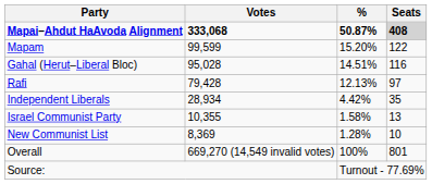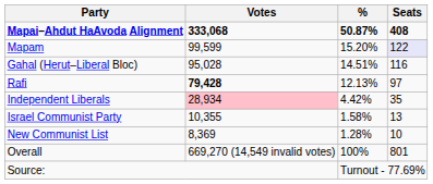 <table class="wikitable">
 <tr>
 <th>Party</th>
 <th>Votes</th>
 <th>%</th>
 <th>Seats</th>
 </tr>
 <tr>
 <td><strong><a href='#'>Mapai</a>–<a href='#'>Ahdut HaAvoda</a> <a href='#'>Alignment</a></strong></td>
 <td><strong>333,068</strong></td>
 <td><strong>50.87%</strong></td>
-<td style="background: lightgrey;"><strong>408</strong></td>
+<td><strong>408</strong></td>
 </tr>
 <tr>
 <td><a href='#'>Mapam</a></td>
 <td>99,599</td>
 <td>15.20%</td>
-<td>122</td>
+<td style="background: lavender;">122</td>
 </tr>
 <tr>
 <td><a href='#'>Gahal</a> (<a href='#'>Herut</a>–<a href='#'>Liberal</a> Bloc)</td>
 <td>95,028</td>
 <td>14.51%</td>
 <td>116</td>
 </tr>
 <tr>
 <td><a href='#'>Rafi</a></td>
-<td>79,428</td>
+<td><strong>79,428</strong></td>
 <td>12.13%</td>
 <td>97</td>
 </tr>
 <tr>
 <td><a href='#'>Independent Liberals</a></td>
-<td>28,934</td>
+<td style="background: pink;">28,934</td>
 <td>4.42%</td>
 <td>35</td>
 </tr>
 <tr>
 <td><a href='#'>Israel Communist Party</a></td>
 <td>10,355</td>
 <td>1.58%</td>
 <td>13</td>
 </tr>
 <tr>
 <td><a href='#'>New Communist List</a></td>
 <td>8,369</td>
 <td>1.28%</td>
 <td>10</td>
 </tr>
 <tr>
 <td>Overall</td>
 <td>669,270 (14,549 invalid votes)</td>
 <td>100%</td>
 <td>801</td>
 </tr>
 <tr>
 <td colspan="2">Source:  </td>
 <td colspan="2">Turnout -  77.69%</td>
 </tr>
 </table>
